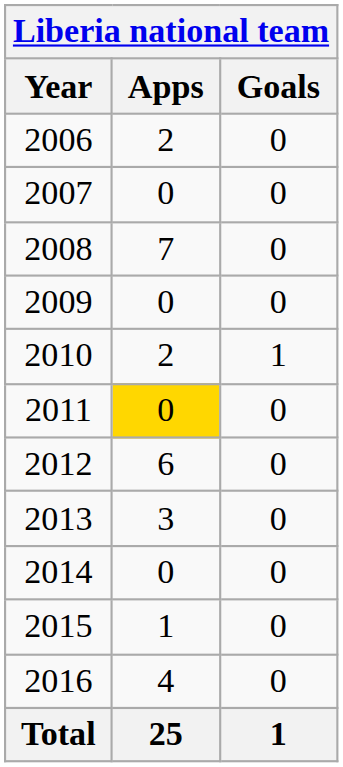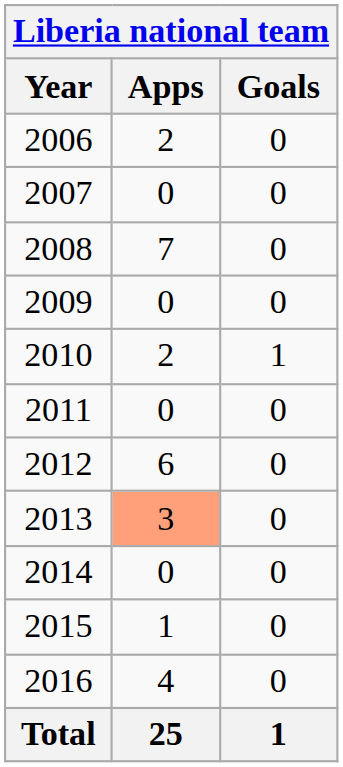 <table class="wikitable" style="text-align:center">
 <tr>
 <th colspan=3><a href='#'>Liberia national team</a></th>
 </tr>
 <tr>
 <th>Year</th>
 <th>Apps</th>
 <th>Goals</th>
 </tr>
 <tr>
 <td>2006</td>
 <td>2</td>
 <td>0</td>
 </tr>
 <tr>
 <td>2007</td>
 <td>0</td>
 <td>0</td>
 </tr>
 <tr>
 <td>2008</td>
 <td>7</td>
 <td>0</td>
 </tr>
 <tr>
 <td>2009</td>
 <td>0</td>
 <td>0</td>
 </tr>
 <tr>
 <td>2010</td>
 <td>2</td>
 <td>1</td>
 </tr>
 <tr>
 <td>2011</td>
-<td style="background: gold;">0</td>
+<td>0</td>
 <td>0</td>
 </tr>
 <tr>
 <td>2012</td>
 <td>6</td>
 <td>0</td>
 </tr>
 <tr>
 <td>2013</td>
-<td>3</td>
+<td style="background: lightsalmon;">3</td>
 <td>0</td>
 </tr>
 <tr>
 <td>2014</td>
 <td>0</td>
 <td>0</td>
 </tr>
 <tr>
 <td>2015</td>
 <td>1</td>
 <td>0</td>
 </tr>
 <tr>
 <td>2016</td>
 <td>4</td>
 <td>0</td>
 </tr>
 <tr>
 <th>Total</th>
 <th>25</th>
 <th>1</th>
 </tr>
 </table>
